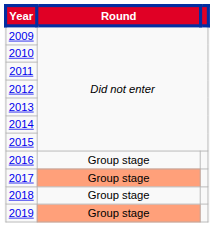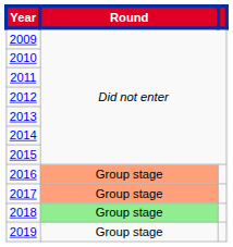 <table class="wikitable" style="text-align: center; font-size:90%">
 <tr style="color:white;">
 <th style="background:#e00025; border: 4px solid #032ea1;">Year</th>
 <th style="background:#e00025; border: 4px solid #032ea1; width:200px">Round</th>
 <th style="background:#e00025; border: 4px solid #032ea1;"></th>
 </tr>
 <tr>
 <td><a href='#'>2009</a></td>
 <td colspan="2" rowspan="7"><em>Did not enter</em></td>
 </tr>
 <tr>
 <td><a href='#'>2010</a></td>
 </tr>
 <tr>
 <td><a href='#'>2011</a></td>
 </tr>
 <tr>
 <td><a href='#'>2012</a></td>
 </tr>
 <tr>
 <td><a href='#'>2013</a></td>
 </tr>
 <tr>
 <td><a href='#'>2014</a></td>
 </tr>
 <tr>
 <td><a href='#'>2015</a></td>
 </tr>
 <tr>
 <td><a href='#'>2016</a></td>
-<td>Group stage</td>
+<td style="background: lightsalmon;">Group stage</td>
 <td></td>
 </tr>
 <tr>
 <td><a href='#'>2017</a></td>
 <td style="background: lightsalmon;">Group stage</td>
 <td></td>
 </tr>
 <tr>
 <td><a href='#'>2018</a></td>
-<td>Group stage</td>
+<td style="background: lightgreen;">Group stage</td>
 <td></td>
 </tr>
 <tr>
 <td><a href='#'>2019</a></td>
-<td style="background: lightsalmon;">Group stage</td>
+<td>Group stage</td>
 <td></td>
 </tr>
 </table>
